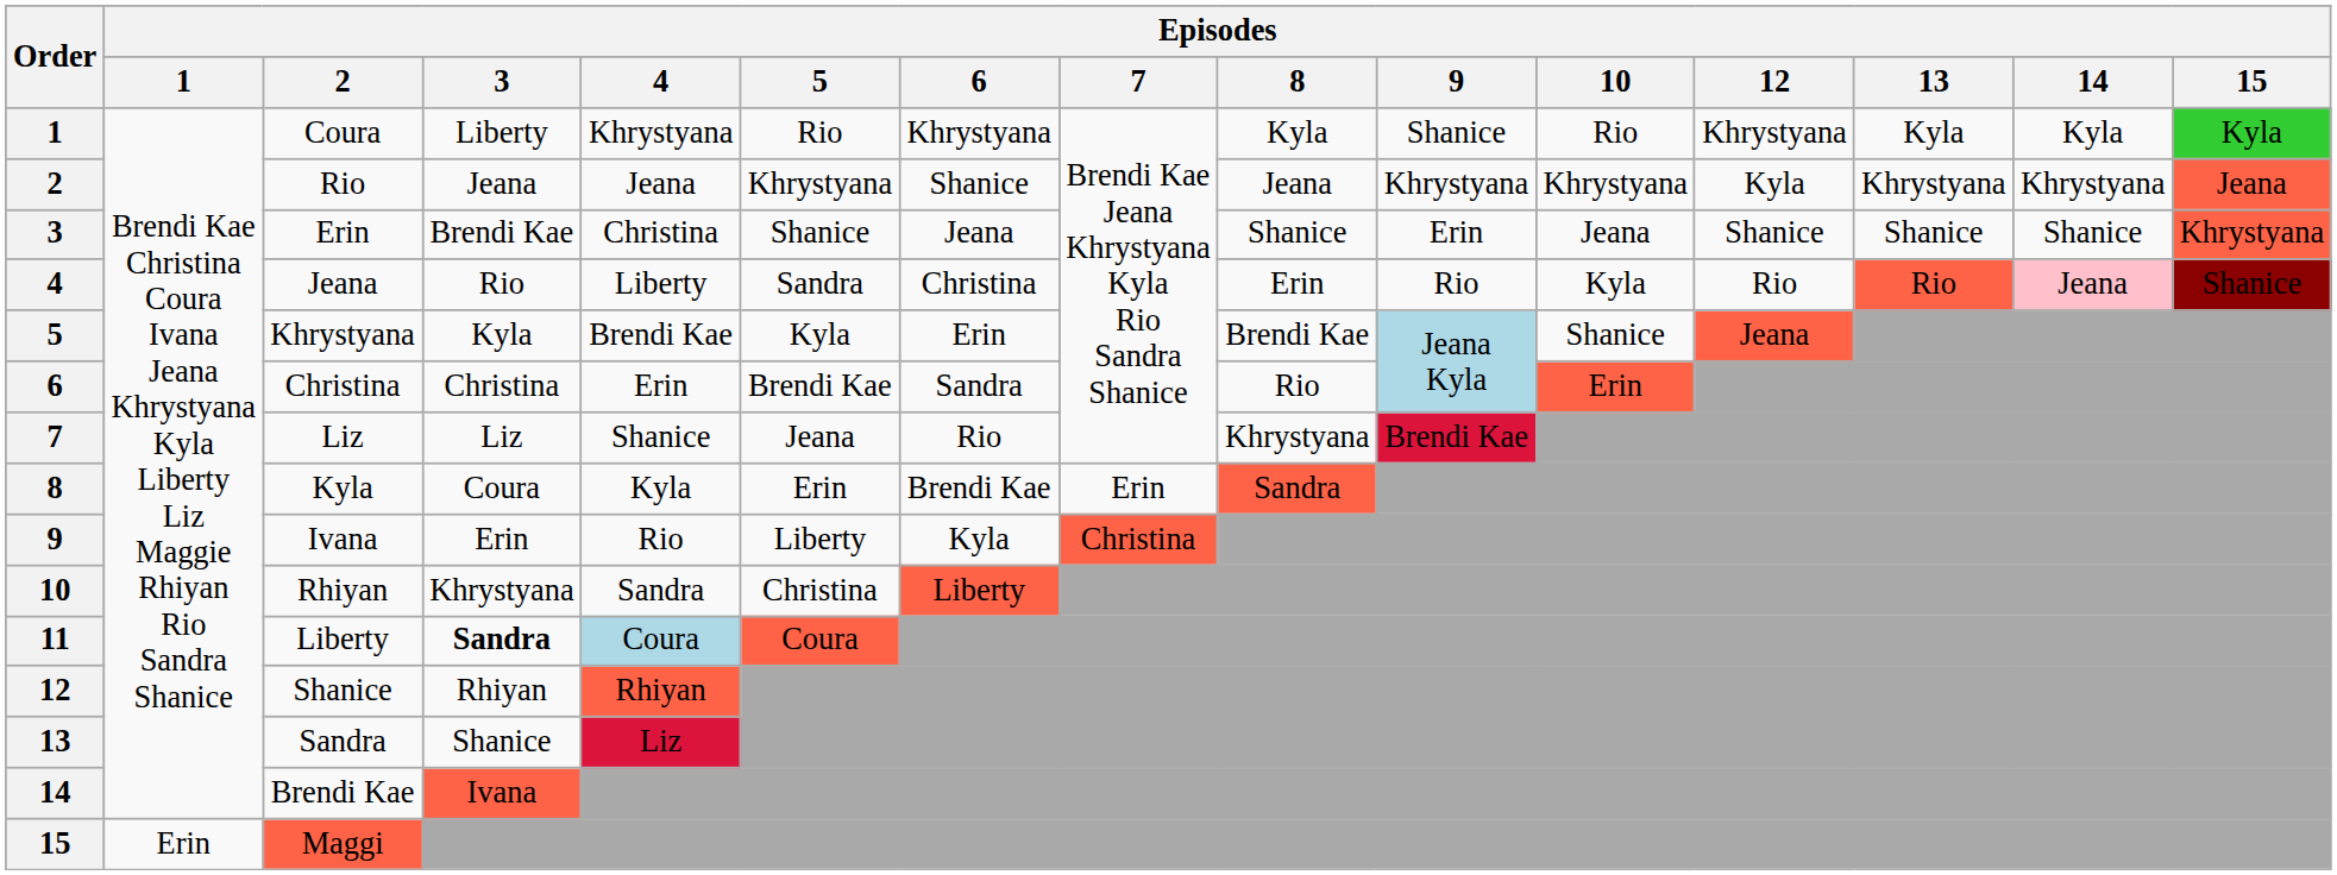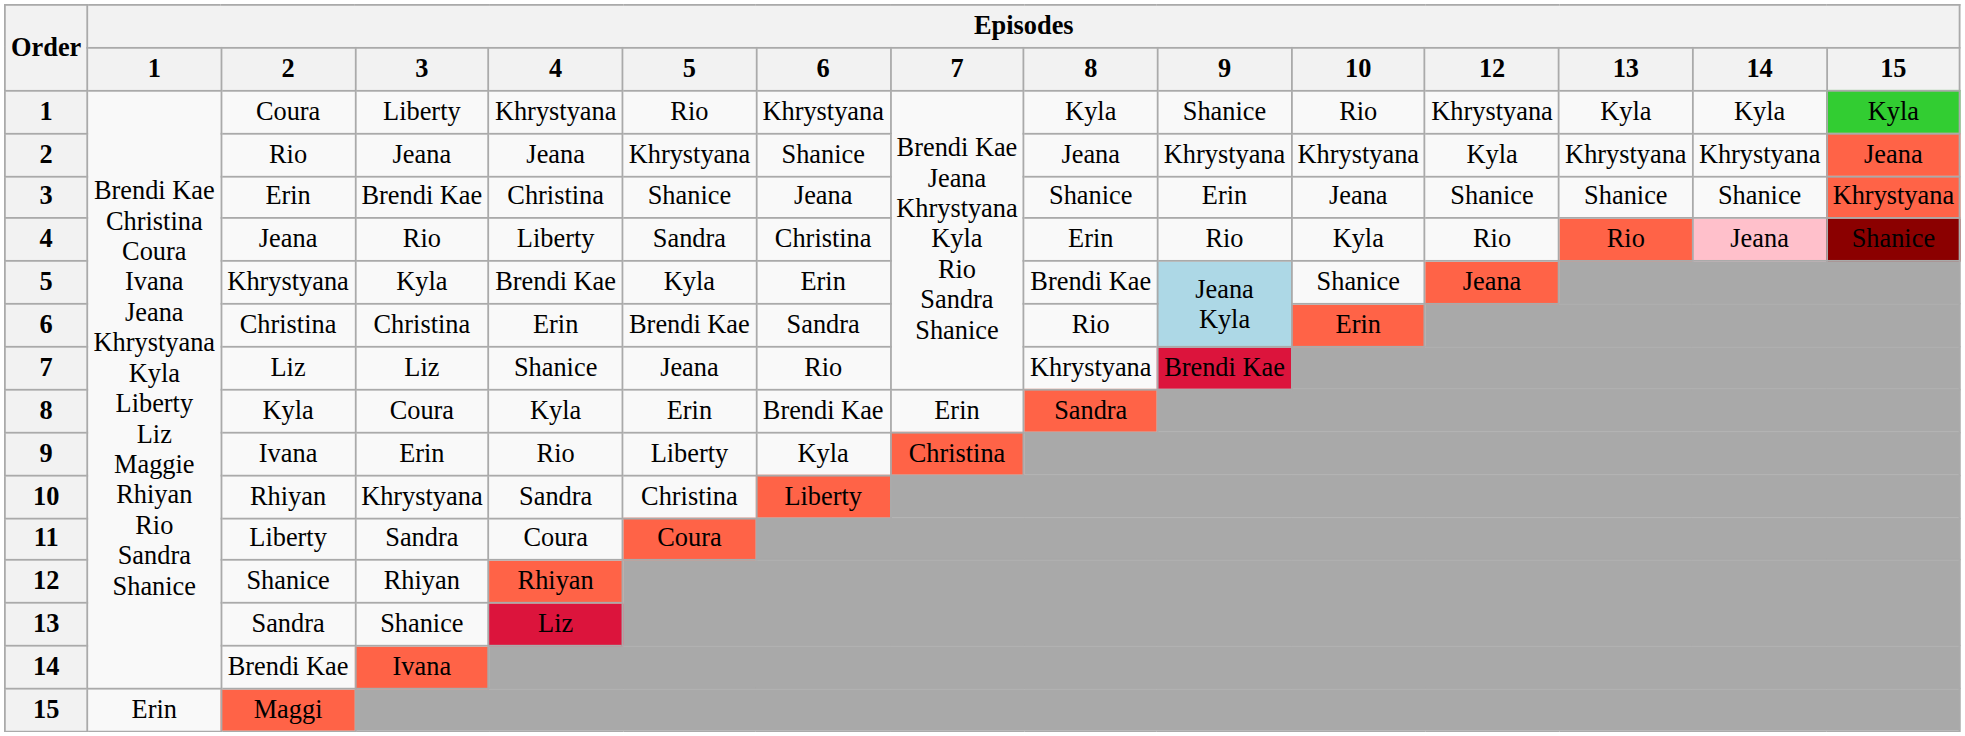 <table class="wikitable" style="text-align:center; font-size:92%">
 <tr>
 <th rowspan="2">Order</th>
 <th colspan="15">Episodes</th>
 </tr>
 <tr>
 <th>1</th>
 <th>2</th>
 <th>3</th>
 <th>4</th>
 <th>5</th>
 <th>6</th>
 <th>7</th>
 <th>8</th>
 <th>9</th>
 <th>10</th>
 <th>12</th>
 <th>13</th>
 <th>14</th>
 <th>15</th>
 </tr>
 <tr>
 <th>1</th>
 <td rowspan="14">Brendi Kae<br>Christina<br>Coura<br>Ivana<br>Jeana<br>Khrystyana<br>Kyla<br>Liberty<br>Liz<br>Maggie<br>Rhiyan<br>Rio<br>Sandra<br>Shanice<br></td>
 <td>Coura</td>
 <td>Liberty</td>
 <td>Khrystyana</td>
 <td>Rio</td>
 <td>Khrystyana</td>
 <td rowspan="7">Brendi Kae<br>Jeana<br>Khrystyana<br>Kyla<br>Rio<br>Sandra<br>Shanice</td>
 <td>Kyla</td>
 <td>Shanice</td>
 <td>Rio</td>
 <td>Khrystyana</td>
 <td>Kyla</td>
 <td>Kyla</td>
 <td style="background:limegreen">Kyla</td>
 </tr>
 <tr>
 <th>2</th>
 <td>Rio</td>
 <td>Jeana</td>
 <td>Jeana</td>
 <td>Khrystyana</td>
 <td>Shanice</td>
 <td>Jeana</td>
 <td>Khrystyana</td>
 <td>Khrystyana</td>
 <td>Kyla</td>
 <td>Khrystyana</td>
 <td>Khrystyana</td>
 <td style="background:tomato">Jeana</td>
 </tr>
 <tr>
 <th>3</th>
 <td>Erin</td>
 <td>Brendi Kae</td>
 <td>Christina</td>
 <td>Shanice</td>
 <td>Jeana</td>
 <td>Shanice</td>
 <td>Erin</td>
 <td>Jeana</td>
 <td>Shanice</td>
 <td>Shanice</td>
 <td>Shanice</td>
 <td style="background:tomato">Khrystyana</td>
 </tr>
 <tr>
 <th>4</th>
 <td>Jeana</td>
 <td>Rio</td>
 <td>Liberty</td>
 <td>Sandra</td>
 <td>Christina</td>
 <td>Erin</td>
 <td>Rio</td>
 <td>Kyla</td>
 <td>Rio</td>
 <td style="background:tomato">Rio</td>
 <td style="background:pink">Jeana</td>
 <td style="background:darkred">Shanice</td>
 </tr>
 <tr>
 <th>5</th>
 <td>Khrystyana</td>
 <td>Kyla</td>
 <td>Brendi Kae</td>
 <td>Kyla</td>
 <td>Erin</td>
 <td>Brendi Kae</td>
 <td style="background:lightblue" rowspan="2">Jeana<br>Kyla</td>
 <td>Shanice</td>
 <td style="background:tomato">Jeana</td>
 <td colspan="4" style="background:darkgray"></td>
 </tr>
 <tr>
 <th>6</th>
 <td>Christina</td>
 <td>Christina</td>
 <td>Erin</td>
 <td>Brendi Kae</td>
 <td>Sandra</td>
 <td>Rio</td>
 <td style="background:tomato">Erin</td>
 <td colspan="5" style="background:darkgray"></td>
 </tr>
 <tr>
 <th>7</th>
 <td>Liz</td>
 <td>Liz</td>
 <td>Shanice</td>
 <td>Jeana</td>
 <td>Rio</td>
 <td>Khrystyana</td>
 <td style="background:crimson;"><span>Brendi Kae</span></td>
 <td colspan="6" style="background:darkgray"></td>
 </tr>
 <tr>
 <th>8</th>
 <td>Kyla</td>
 <td>Coura</td>
 <td>Kyla</td>
 <td>Erin</td>
 <td>Brendi Kae</td>
 <td>Erin</td>
 <td style="background:tomato">Sandra</td>
 <td colspan="7" style="background:darkgray"></td>
 </tr>
 <tr>
 <th>9</th>
 <td>Ivana</td>
 <td>Erin</td>
 <td>Rio</td>
 <td>Liberty</td>
 <td>Kyla</td>
 <td style="background:tomato">Christina</td>
 <td colspan="8" style="background:darkgray"></td>
 </tr>
 <tr>
 <th>10</th>
 <td>Rhiyan</td>
 <td>Khrystyana</td>
 <td>Sandra</td>
 <td>Christina</td>
 <td style="background:tomato">Liberty</td>
 <td colspan="9" style="background:darkgray"></td>
 </tr>
 <tr>
 <th>11</th>
 <td>Liberty</td>
-<td><strong>Sandra</strong></td>
-<td style="background: lightblue;">Coura</td>
+<td>Sandra</td>
+<td>Coura</td>
 <td style="background:tomato">Coura</td>
 <td colspan="10" style="background:darkgray"></td>
 </tr>
 <tr>
 <th>12</th>
 <td>Shanice</td>
 <td>Rhiyan</td>
 <td style="background:tomato">Rhiyan</td>
 <td colspan="11" rowspan="2" style="background:darkgray"></td>
 </tr>
 <tr>
 <th>13</th>
 <td>Sandra</td>
 <td>Shanice</td>
 <td style="background:crimson;"><span>Liz</span></td>
 </tr>
 <tr>
 <th>14</th>
 <td>Brendi Kae</td>
 <td style="background:tomato">Ivana</td>
 <td colspan="12" style="background:darkgray"></td>
 </tr>
 <tr>
 <th>15</th>
 <td>Erin</td>
 <td style="background:tomato">Maggi</td>
 <td colspan="13" style="background:darkgray"></td>
 </tr>
 </table>
